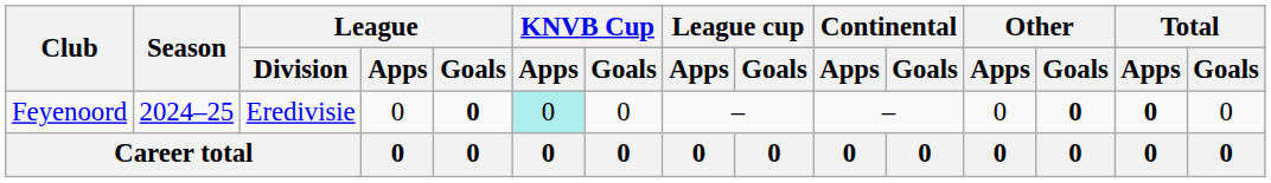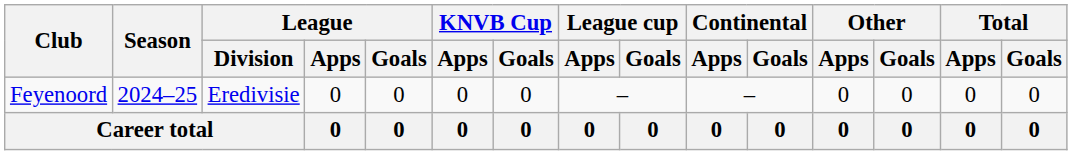 <table class="wikitable" style="text-align:center">
 <tr>
 <th rowspan="2">Club</th>
 <th rowspan="2">Season</th>
 <th colspan="3">League</th>
 <th colspan="2"><a href='#'>KNVB Cup</a></th>
 <th colspan="2">League cup</th>
 <th colspan="2">Continental</th>
 <th colspan="2">Other</th>
 <th colspan="2">Total</th>
 </tr>
 <tr>
 <th>Division</th>
 <th>Apps</th>
 <th>Goals</th>
 <th>Apps</th>
 <th>Goals</th>
 <th>Apps</th>
 <th>Goals</th>
 <th>Apps</th>
 <th>Goals</th>
 <th>Apps</th>
 <th>Goals</th>
 <th>Apps</th>
 <th>Goals</th>
 </tr>
 <tr>
 <td><a href='#'>Feyenoord</a></td>
 <td><a href='#'>2024–25</a></td>
 <td><a href='#'>Eredivisie</a></td>
 <td>0</td>
-<td><strong>0</strong></td>
-<td style="background: paleturquoise;">0</td>
+<td>0</td>
+<td>0</td>
 <td>0</td>
 <td colspan="2">–</td>
 <td colspan="2">–</td>
 <td>0</td>
-<td><strong>0</strong></td>
-<td><strong>0</strong></td>
+<td>0</td>
+<td>0</td>
 <td>0</td>
 </tr>
 <tr>
 <th colspan="3">Career total</th>
 <th>0</th>
 <th>0</th>
 <th>0</th>
 <th>0</th>
 <th>0</th>
 <th>0</th>
 <th>0</th>
 <th>0</th>
 <th>0</th>
 <th>0</th>
 <th>0</th>
 <th>0</th>
 </tr>
 </table>
